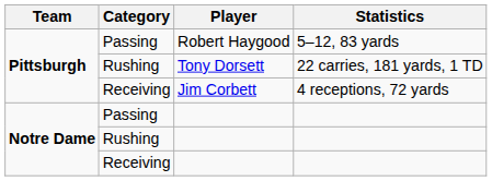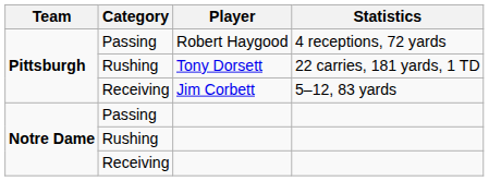 <table class="wikitable" style="float: right;">
 <tr>
 <th>Team</th>
 <th>Category</th>
 <th>Player</th>
 <th>Statistics</th>
 </tr>
 <tr>
 <td rowspan=3><strong>Pittsburgh</strong></td>
 <td>Passing</td>
 <td>Robert Haygood</td>
-<td>5–12, 83 yards</td>
+<td>4 receptions, 72 yards</td>
 </tr>
 <tr>
 <td>Rushing</td>
 <td><a href='#'>Tony Dorsett</a></td>
 <td>22 carries, 181 yards, 1 TD</td>
 </tr>
 <tr>
 <td>Receiving</td>
 <td><a href='#'>Jim Corbett</a></td>
-<td>4 receptions, 72 yards</td>
+<td>5–12, 83 yards</td>
 </tr>
 <tr>
 <td rowspan=3><strong>Notre Dame</strong></td>
 <td>Passing</td>
 <td></td>
 <td></td>
 </tr>
 <tr>
 <td>Rushing</td>
 <td></td>
 <td></td>
 </tr>
 <tr>
 <td>Receiving</td>
 <td></td>
 <td></td>
 </tr>
 </table>
